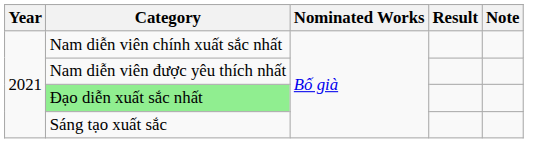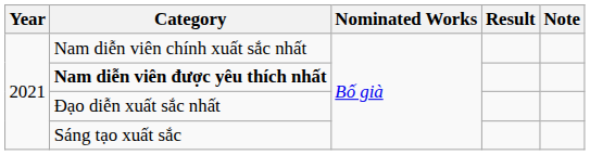 <table class="wikitable plainrowheaders">
 <tr>
 <th>Year</th>
 <th>Category</th>
 <th>Nominated Works</th>
 <th>Result</th>
 <th>Note</th>
 </tr>
 <tr>
 <td rowspan="4">2021</td>
 <td>Nam diễn viên chính xuất sắc nhất</td>
 <td rowspan="4"><em><a href='#'>Bố già</a></em></td>
 <td></td>
 <td></td>
 </tr>
 <tr>
-<td>Nam diễn viên được yêu thích nhất</td>
+<td><strong>Nam diễn viên được yêu thích nhất</strong></td>
 <td></td>
 <td></td>
 </tr>
 <tr>
-<td style="background: lightgreen;">Đạo diễn xuất sắc nhất</td>
+<td>Đạo diễn xuất sắc nhất</td>
 <td></td>
 <td></td>
 </tr>
 <tr>
 <td>Sáng tạo xuất sắc</td>
 <td></td>
 <td></td>
 </tr>
 </table>
